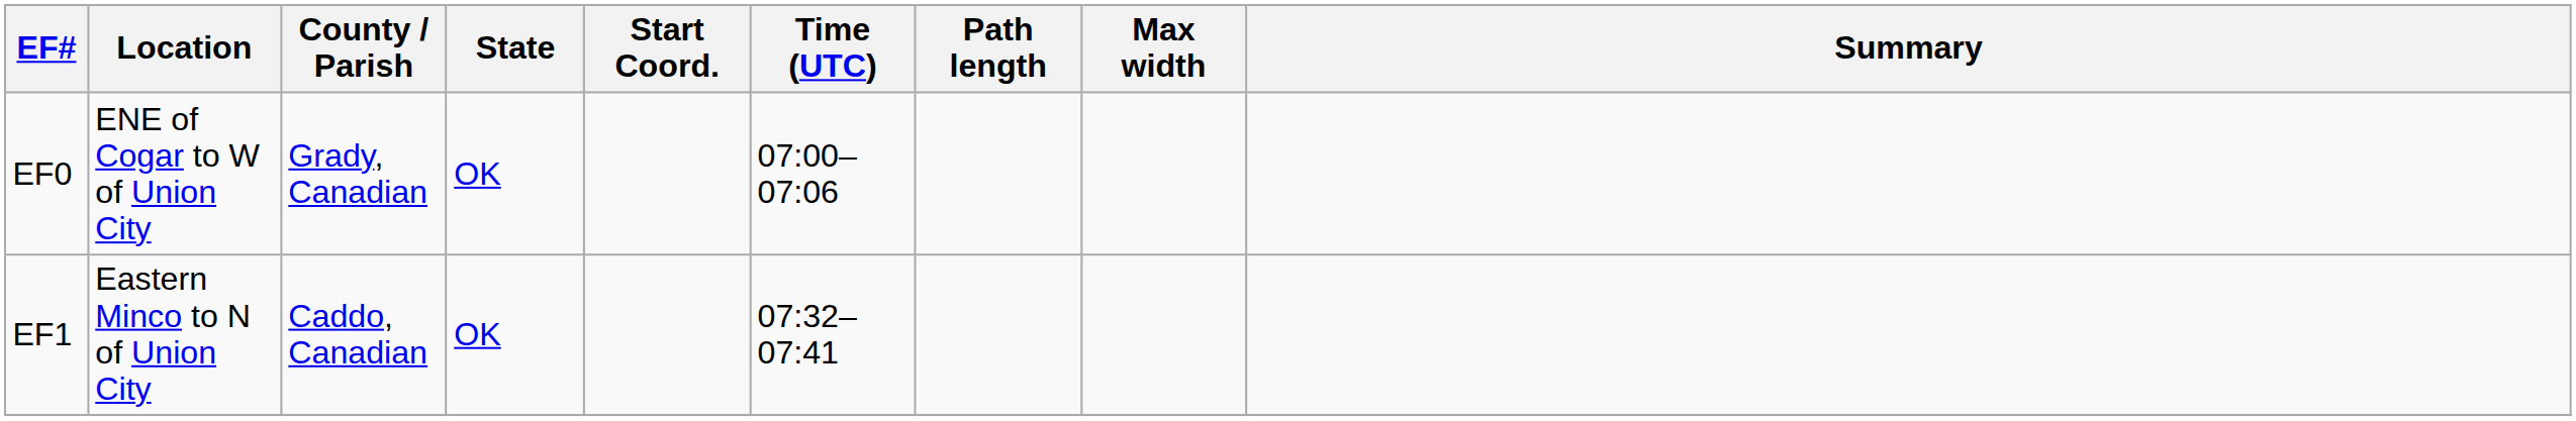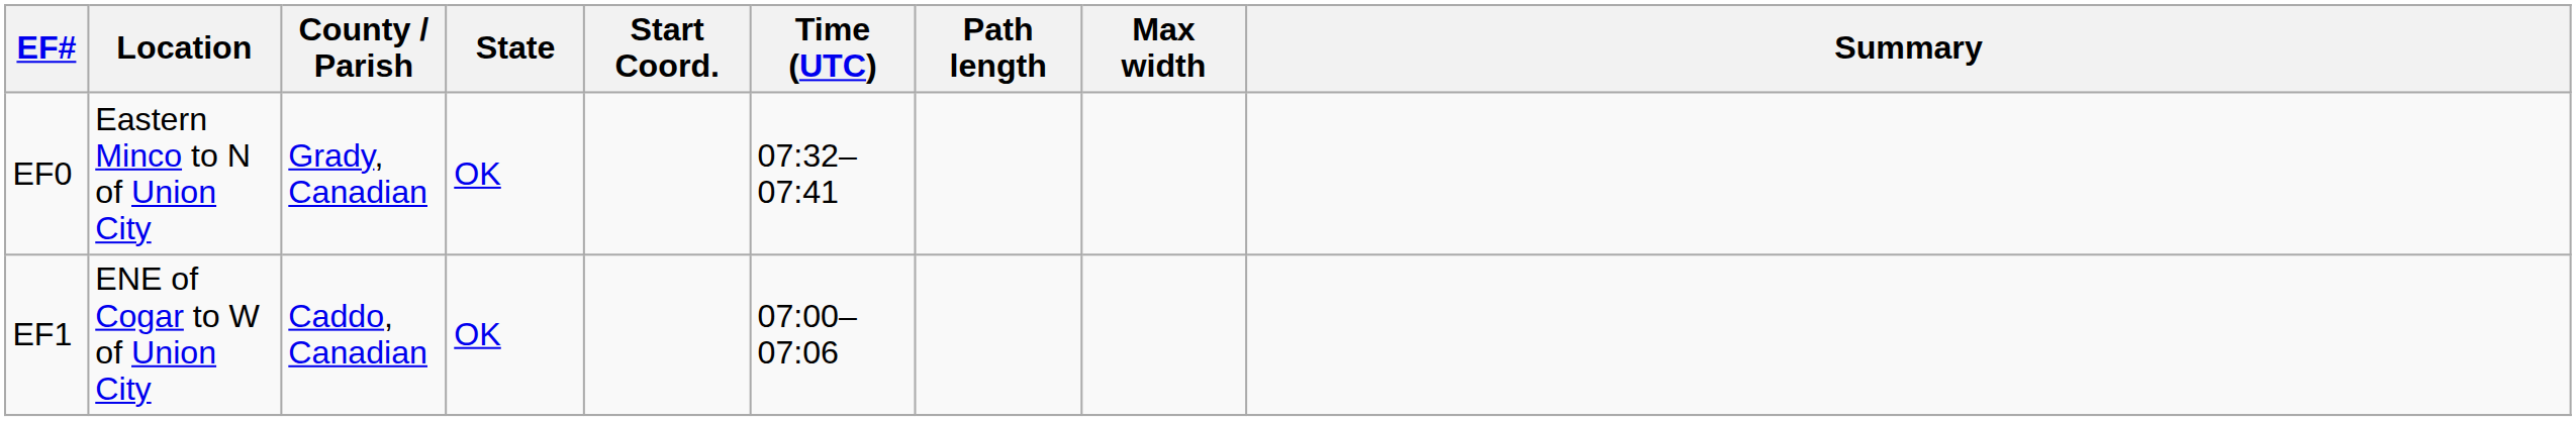 <table class="wikitable sortable" style="width:100%;">
 <tr>
 <th scope="col"  style="width:3%; text-align:center;"><a href='#'>EF#</a></th>
 <th scope="col"  style="width:7%; text-align:center;" class="unsortable">Location</th>
 <th scope="col"  style="width:6%; text-align:center;" class="unsortable">County / Parish</th>
 <th scope="col"  style="width:5%; text-align:center;">State</th>
 <th scope="col"  style="width:6%; text-align:center;">Start Coord.</th>
 <th scope="col"  style="width:6%; text-align:center;">Time (<a href='#'>UTC</a>)</th>
 <th scope="col"  style="width:6%; text-align:center;">Path length</th>
 <th scope="col"  style="width:6%; text-align:center;">Max width</th>
 <th scope="col" class="unsortable" style="width:48%; text-align:center;">Summary</th>
 </tr>
 <tr>
 <td>EF0</td>
+<td>Eastern <a href='#'>Minco</a> to N of <a href='#'>Union City</a></td>
+<td><a href='#'>Grady</a>, <a href='#'>Canadian</a></td>
+<td><a href='#'>OK</a></td>
+<td></td>
+<td>07:32–07:41</td>
+<td></td>
+<td></td>
+<td></td>
+</tr>
+<tr>
+<td>EF1</td>
 <td>ENE of <a href='#'>Cogar</a> to W of <a href='#'>Union City</a></td>
-<td><a href='#'>Grady</a>, <a href='#'>Canadian</a></td>
+<td><a href='#'>Caddo</a>, <a href='#'>Canadian</a></td>
 <td><a href='#'>OK</a></td>
 <td></td>
 <td>07:00–07:06</td>
 <td></td>
 <td></td>
 <td></td>
 </tr>
 <tr>
-<td>EF1</td>
-<td>Eastern <a href='#'>Minco</a> to N of <a href='#'>Union City</a></td>
-<td><a href='#'>Caddo</a>, <a href='#'>Canadian</a></td>
-<td><a href='#'>OK</a></td>
-<td></td>
-<td>07:32–07:41</td>
-<td></td>
-<td></td>
-<td></td>
-</tr>
-<tr>
 </tr>
 </table>
